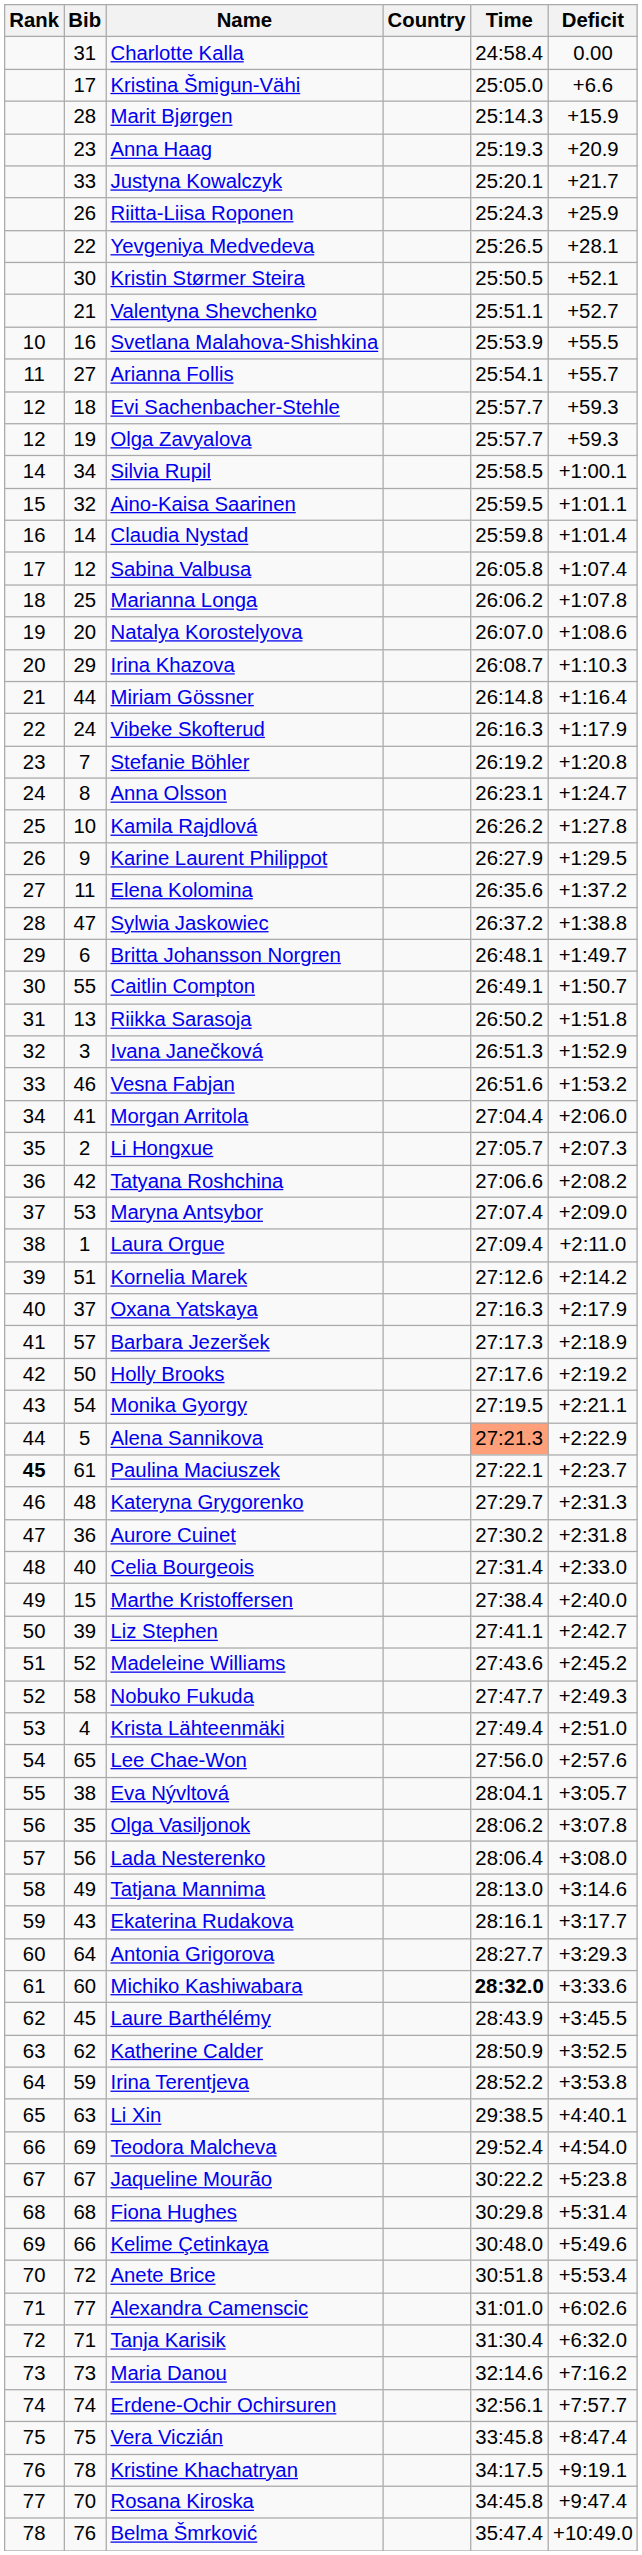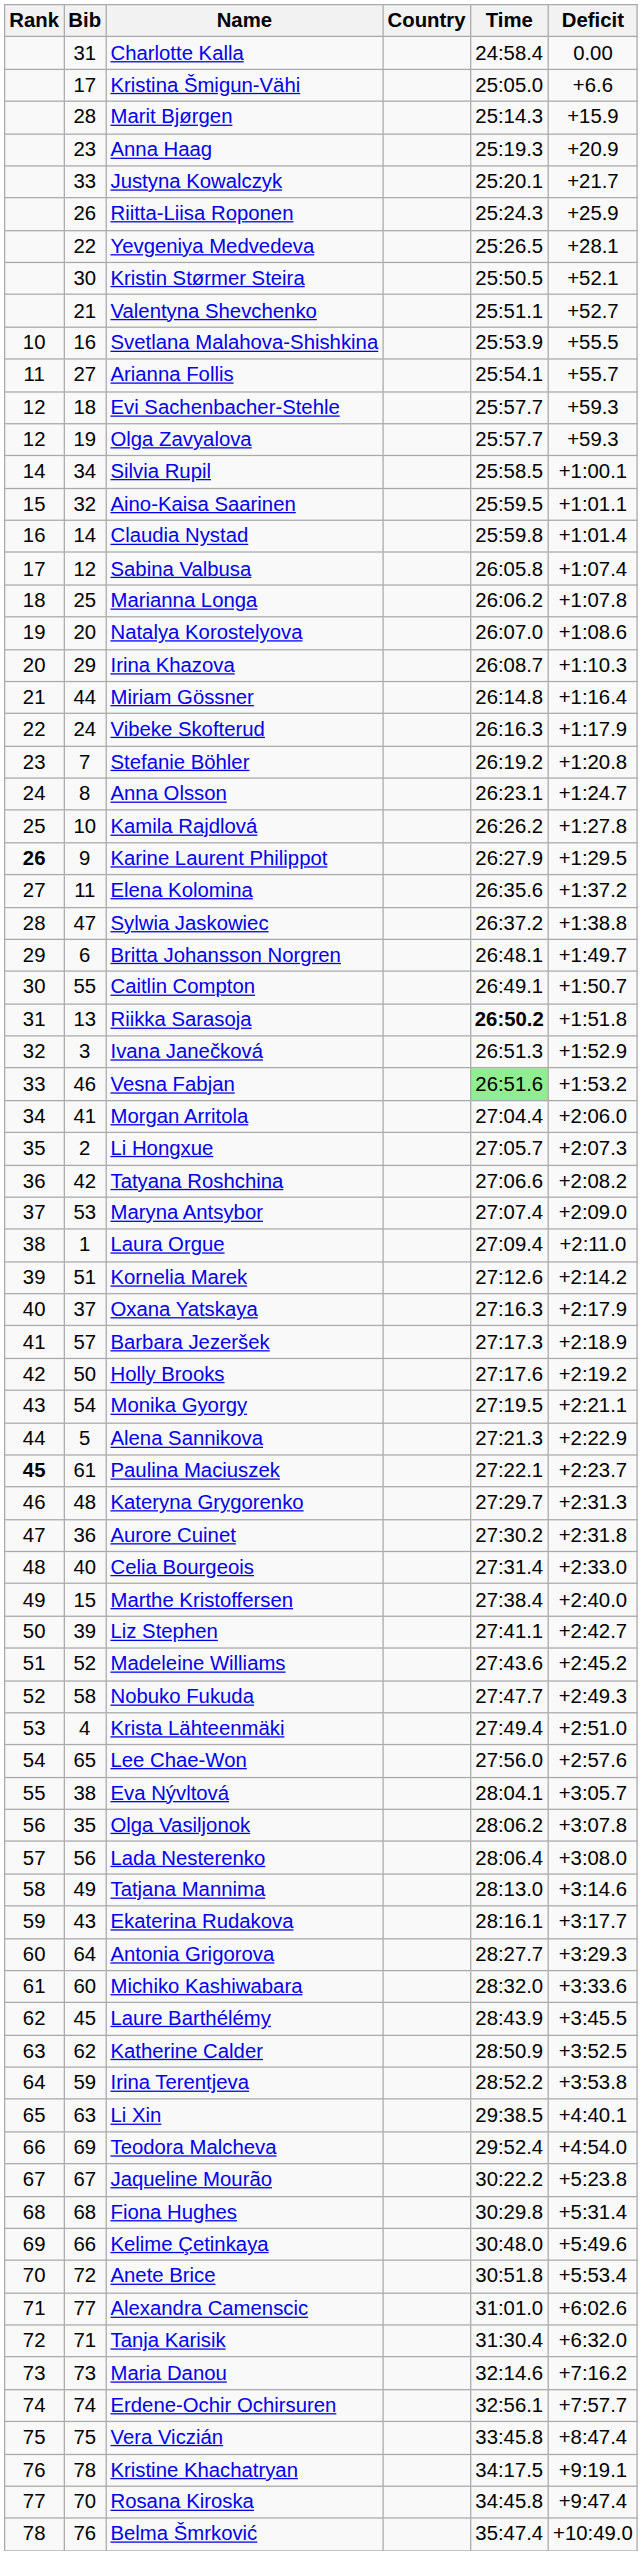 <table class="wikitable sortable" style="text-align:center">
 <tr>
 <th>Rank</th>
 <th>Bib</th>
 <th>Name</th>
 <th>Country</th>
 <th>Time</th>
 <th>Deficit</th>
 </tr>
 <tr>
 <td></td>
 <td>31</td>
 <td align="left"><a href='#'>Charlotte Kalla</a></td>
 <td align="left"></td>
 <td>24:58.4</td>
 <td>0.00</td>
 </tr>
 <tr>
 <td></td>
 <td>17</td>
 <td align="left"><a href='#'>Kristina Šmigun-Vähi</a></td>
 <td align="left"></td>
 <td>25:05.0</td>
 <td>+6.6</td>
 </tr>
 <tr>
 <td></td>
 <td>28</td>
 <td align="left"><a href='#'>Marit Bjørgen</a></td>
 <td align="left"></td>
 <td>25:14.3</td>
 <td>+15.9</td>
 </tr>
 <tr>
 <td></td>
 <td>23</td>
 <td align="left"><a href='#'>Anna Haag</a></td>
 <td align="left"></td>
 <td>25:19.3</td>
 <td>+20.9</td>
 </tr>
 <tr>
 <td></td>
 <td>33</td>
 <td align="left"><a href='#'>Justyna Kowalczyk</a></td>
 <td align="left"></td>
 <td>25:20.1</td>
 <td>+21.7</td>
 </tr>
 <tr>
 <td></td>
 <td>26</td>
 <td align="left"><a href='#'>Riitta-Liisa Roponen</a></td>
 <td align="left"></td>
 <td>25:24.3</td>
 <td>+25.9</td>
 </tr>
 <tr>
 <td></td>
 <td>22</td>
 <td align="left"><a href='#'>Yevgeniya Medvedeva</a></td>
 <td align="left"></td>
 <td>25:26.5</td>
 <td>+28.1</td>
 </tr>
 <tr>
 <td></td>
 <td>30</td>
 <td align="left"><a href='#'>Kristin Størmer Steira</a></td>
 <td align="left"></td>
 <td>25:50.5</td>
 <td>+52.1</td>
 </tr>
 <tr>
 <td></td>
 <td>21</td>
 <td align="left"><a href='#'>Valentyna Shevchenko</a></td>
 <td align="left"></td>
 <td>25:51.1</td>
 <td>+52.7</td>
 </tr>
 <tr>
 <td>10</td>
 <td>16</td>
 <td align="left"><a href='#'>Svetlana Malahova-Shishkina</a></td>
 <td align="left"></td>
 <td>25:53.9</td>
 <td>+55.5</td>
 </tr>
 <tr>
 <td>11</td>
 <td>27</td>
 <td align="left"><a href='#'>Arianna Follis</a></td>
 <td align="left"></td>
 <td>25:54.1</td>
 <td>+55.7</td>
 </tr>
 <tr>
 <td>12</td>
 <td>18</td>
 <td align="left"><a href='#'>Evi Sachenbacher-Stehle</a></td>
 <td align="left"></td>
 <td>25:57.7</td>
 <td>+59.3</td>
 </tr>
 <tr>
 <td>12</td>
 <td>19</td>
 <td align="left"><a href='#'>Olga Zavyalova</a></td>
 <td align="left"></td>
 <td>25:57.7</td>
 <td>+59.3</td>
 </tr>
 <tr>
 <td>14</td>
 <td>34</td>
 <td align="left"><a href='#'>Silvia Rupil</a></td>
 <td align="left"></td>
 <td>25:58.5</td>
 <td>+1:00.1</td>
 </tr>
 <tr>
 <td>15</td>
 <td>32</td>
 <td align="left"><a href='#'>Aino-Kaisa Saarinen</a></td>
 <td align="left"></td>
 <td>25:59.5</td>
 <td>+1:01.1</td>
 </tr>
 <tr>
 <td>16</td>
 <td>14</td>
 <td align="left"><a href='#'>Claudia Nystad</a></td>
 <td align="left"></td>
 <td>25:59.8</td>
 <td>+1:01.4</td>
 </tr>
 <tr>
 <td>17</td>
 <td>12</td>
 <td align="left"><a href='#'>Sabina Valbusa</a></td>
 <td align="left"></td>
 <td>26:05.8</td>
 <td>+1:07.4</td>
 </tr>
 <tr>
 <td>18</td>
 <td>25</td>
 <td align="left"><a href='#'>Marianna Longa</a></td>
 <td align="left"></td>
 <td>26:06.2</td>
 <td>+1:07.8</td>
 </tr>
 <tr>
 <td>19</td>
 <td>20</td>
 <td align="left"><a href='#'>Natalya Korostelyova</a></td>
 <td align="left"></td>
 <td>26:07.0</td>
 <td>+1:08.6</td>
 </tr>
 <tr>
 <td>20</td>
 <td>29</td>
 <td align="left"><a href='#'>Irina Khazova</a></td>
 <td align="left"></td>
 <td>26:08.7</td>
 <td>+1:10.3</td>
 </tr>
 <tr>
 <td>21</td>
 <td>44</td>
 <td align="left"><a href='#'>Miriam Gössner</a></td>
 <td align="left"></td>
 <td>26:14.8</td>
 <td>+1:16.4</td>
 </tr>
 <tr>
 <td>22</td>
 <td>24</td>
 <td align="left"><a href='#'>Vibeke Skofterud</a></td>
 <td align="left"></td>
 <td>26:16.3</td>
 <td>+1:17.9</td>
 </tr>
 <tr>
 <td>23</td>
 <td>7</td>
 <td align="left"><a href='#'>Stefanie Böhler</a></td>
 <td align="left"></td>
 <td>26:19.2</td>
 <td>+1:20.8</td>
 </tr>
 <tr>
 <td>24</td>
 <td>8</td>
 <td align="left"><a href='#'>Anna Olsson</a></td>
 <td align="left"></td>
 <td>26:23.1</td>
 <td>+1:24.7</td>
 </tr>
 <tr>
 <td>25</td>
 <td>10</td>
 <td align="left"><a href='#'>Kamila Rajdlová</a></td>
 <td align="left"></td>
 <td>26:26.2</td>
 <td>+1:27.8</td>
 </tr>
 <tr>
-<td>26</td>
+<td><strong>26</strong></td>
 <td>9</td>
 <td align="left"><a href='#'>Karine Laurent Philippot</a></td>
 <td align="left"></td>
 <td>26:27.9</td>
 <td>+1:29.5</td>
 </tr>
 <tr>
 <td>27</td>
 <td>11</td>
 <td align="left"><a href='#'>Elena Kolomina</a></td>
 <td align="left"></td>
 <td>26:35.6</td>
 <td>+1:37.2</td>
 </tr>
 <tr>
 <td>28</td>
 <td>47</td>
 <td align="left"><a href='#'>Sylwia Jaskowiec</a></td>
 <td align="left"></td>
 <td>26:37.2</td>
 <td>+1:38.8</td>
 </tr>
 <tr>
 <td>29</td>
 <td>6</td>
 <td align="left"><a href='#'>Britta Johansson Norgren</a></td>
 <td align="left"></td>
 <td>26:48.1</td>
 <td>+1:49.7</td>
 </tr>
 <tr>
 <td>30</td>
 <td>55</td>
 <td align="left"><a href='#'>Caitlin Compton</a></td>
 <td align="left"></td>
 <td>26:49.1</td>
 <td>+1:50.7</td>
 </tr>
 <tr>
 <td>31</td>
 <td>13</td>
 <td align="left"><a href='#'>Riikka Sarasoja</a></td>
 <td align="left"></td>
-<td>26:50.2</td>
+<td><strong>26:50.2</strong></td>
 <td>+1:51.8</td>
 </tr>
 <tr>
 <td>32</td>
 <td>3</td>
 <td align="left"><a href='#'>Ivana Janečková</a></td>
 <td align="left"></td>
 <td>26:51.3</td>
 <td>+1:52.9</td>
 </tr>
 <tr>
 <td>33</td>
 <td>46</td>
 <td align="left"><a href='#'>Vesna Fabjan</a></td>
 <td align="left"></td>
-<td>26:51.6</td>
+<td style="background: lightgreen;">26:51.6</td>
 <td>+1:53.2</td>
 </tr>
 <tr>
 <td>34</td>
 <td>41</td>
 <td align="left"><a href='#'>Morgan Arritola</a></td>
 <td align="left"></td>
 <td>27:04.4</td>
 <td>+2:06.0</td>
 </tr>
 <tr>
 <td>35</td>
 <td>2</td>
 <td align="left"><a href='#'>Li Hongxue</a></td>
 <td align="left"></td>
 <td>27:05.7</td>
 <td>+2:07.3</td>
 </tr>
 <tr>
 <td>36</td>
 <td>42</td>
 <td align="left"><a href='#'>Tatyana Roshchina</a></td>
 <td align="left"></td>
 <td>27:06.6</td>
 <td>+2:08.2</td>
 </tr>
 <tr>
 <td>37</td>
 <td>53</td>
 <td align="left"><a href='#'>Maryna Antsybor</a></td>
 <td align="left"></td>
 <td>27:07.4</td>
 <td>+2:09.0</td>
 </tr>
 <tr>
 <td>38</td>
 <td>1</td>
 <td align="left"><a href='#'>Laura Orgue</a></td>
 <td align="left"></td>
 <td>27:09.4</td>
 <td>+2:11.0</td>
 </tr>
 <tr>
 <td>39</td>
 <td>51</td>
 <td align="left"><a href='#'>Kornelia Marek</a></td>
 <td align="left"></td>
 <td>27:12.6</td>
 <td>+2:14.2</td>
 </tr>
 <tr>
 <td>40</td>
 <td>37</td>
 <td align="left"><a href='#'>Oxana Yatskaya</a></td>
 <td align="left"></td>
 <td>27:16.3</td>
 <td>+2:17.9</td>
 </tr>
 <tr>
 <td>41</td>
 <td>57</td>
 <td align="left"><a href='#'>Barbara Jezeršek</a></td>
 <td align="left"></td>
 <td>27:17.3</td>
 <td>+2:18.9</td>
 </tr>
 <tr>
 <td>42</td>
 <td>50</td>
 <td align="left"><a href='#'>Holly Brooks</a></td>
 <td align="left"></td>
 <td>27:17.6</td>
 <td>+2:19.2</td>
 </tr>
 <tr>
 <td>43</td>
 <td>54</td>
 <td align="left"><a href='#'>Monika Gyorgy</a></td>
 <td align="left"></td>
 <td>27:19.5</td>
 <td>+2:21.1</td>
 </tr>
 <tr>
 <td>44</td>
 <td>5</td>
 <td align="left"><a href='#'>Alena Sannikova</a></td>
 <td align="left"></td>
-<td style="background: lightsalmon;">27:21.3</td>
+<td>27:21.3</td>
 <td>+2:22.9</td>
 </tr>
 <tr>
 <td><strong>45</strong></td>
 <td>61</td>
 <td align="left"><a href='#'>Paulina Maciuszek</a></td>
 <td align="left"></td>
 <td>27:22.1</td>
 <td>+2:23.7</td>
 </tr>
 <tr>
 <td>46</td>
 <td>48</td>
 <td align="left"><a href='#'>Kateryna Grygorenko</a></td>
 <td align="left"></td>
 <td>27:29.7</td>
 <td>+2:31.3</td>
 </tr>
 <tr>
 <td>47</td>
 <td>36</td>
 <td align="left"><a href='#'>Aurore Cuinet</a></td>
 <td align="left"></td>
 <td>27:30.2</td>
 <td>+2:31.8</td>
 </tr>
 <tr>
 <td>48</td>
 <td>40</td>
 <td align="left"><a href='#'>Celia Bourgeois</a></td>
 <td align="left"></td>
 <td>27:31.4</td>
 <td>+2:33.0</td>
 </tr>
 <tr>
 <td>49</td>
 <td>15</td>
 <td align="left"><a href='#'>Marthe Kristoffersen</a></td>
 <td align="left"></td>
 <td>27:38.4</td>
 <td>+2:40.0</td>
 </tr>
 <tr>
 <td>50</td>
 <td>39</td>
 <td align="left"><a href='#'>Liz Stephen</a></td>
 <td align="left"></td>
 <td>27:41.1</td>
 <td>+2:42.7</td>
 </tr>
 <tr>
 <td>51</td>
 <td>52</td>
 <td align="left"><a href='#'>Madeleine Williams</a></td>
 <td align="left"></td>
 <td>27:43.6</td>
 <td>+2:45.2</td>
 </tr>
 <tr>
 <td>52</td>
 <td>58</td>
 <td align="left"><a href='#'>Nobuko Fukuda</a></td>
 <td align="left"></td>
 <td>27:47.7</td>
 <td>+2:49.3</td>
 </tr>
 <tr>
 <td>53</td>
 <td>4</td>
 <td align="left"><a href='#'>Krista Lähteenmäki</a></td>
 <td align="left"></td>
 <td>27:49.4</td>
 <td>+2:51.0</td>
 </tr>
 <tr>
 <td>54</td>
 <td>65</td>
 <td align="left"><a href='#'>Lee Chae-Won</a></td>
 <td align="left"></td>
 <td>27:56.0</td>
 <td>+2:57.6</td>
 </tr>
 <tr>
 <td>55</td>
 <td>38</td>
 <td align="left"><a href='#'>Eva Nývltová</a></td>
 <td align="left"></td>
 <td>28:04.1</td>
 <td>+3:05.7</td>
 </tr>
 <tr>
 <td>56</td>
 <td>35</td>
 <td align="left"><a href='#'>Olga Vasiljonok</a></td>
 <td align="left"></td>
 <td>28:06.2</td>
 <td>+3:07.8</td>
 </tr>
 <tr>
 <td>57</td>
 <td>56</td>
 <td align="left"><a href='#'>Lada Nesterenko</a></td>
 <td align="left"></td>
 <td>28:06.4</td>
 <td>+3:08.0</td>
 </tr>
 <tr>
 <td>58</td>
 <td>49</td>
 <td align="left"><a href='#'>Tatjana Mannima</a></td>
 <td align="left"></td>
 <td>28:13.0</td>
 <td>+3:14.6</td>
 </tr>
 <tr>
 <td>59</td>
 <td>43</td>
 <td align="left"><a href='#'>Ekaterina Rudakova</a></td>
 <td align="left"></td>
 <td>28:16.1</td>
 <td>+3:17.7</td>
 </tr>
 <tr>
 <td>60</td>
 <td>64</td>
 <td align="left"><a href='#'>Antonia Grigorova</a></td>
 <td align="left"></td>
 <td>28:27.7</td>
 <td>+3:29.3</td>
 </tr>
 <tr>
 <td>61</td>
 <td>60</td>
 <td align="left"><a href='#'>Michiko Kashiwabara</a></td>
 <td align="left"></td>
-<td><strong>28:32.0</strong></td>
+<td>28:32.0</td>
 <td>+3:33.6</td>
 </tr>
 <tr>
 <td>62</td>
 <td>45</td>
 <td align="left"><a href='#'>Laure Barthélémy</a></td>
 <td align="left"></td>
 <td>28:43.9</td>
 <td>+3:45.5</td>
 </tr>
 <tr>
 <td>63</td>
 <td>62</td>
 <td align="left"><a href='#'>Katherine Calder</a></td>
 <td align="left"></td>
 <td>28:50.9</td>
 <td>+3:52.5</td>
 </tr>
 <tr>
 <td>64</td>
 <td>59</td>
 <td align="left"><a href='#'>Irina Terentjeva</a></td>
 <td align="left"></td>
 <td>28:52.2</td>
 <td>+3:53.8</td>
 </tr>
 <tr>
 <td>65</td>
 <td>63</td>
 <td align="left"><a href='#'>Li Xin</a></td>
 <td align="left"></td>
 <td>29:38.5</td>
 <td>+4:40.1</td>
 </tr>
 <tr>
 <td>66</td>
 <td>69</td>
 <td align="left"><a href='#'>Teodora Malcheva</a></td>
 <td align="left"></td>
 <td>29:52.4</td>
 <td>+4:54.0</td>
 </tr>
 <tr>
 <td>67</td>
 <td>67</td>
 <td align="left"><a href='#'>Jaqueline Mourão</a></td>
 <td align="left"></td>
 <td>30:22.2</td>
 <td>+5:23.8</td>
 </tr>
 <tr>
 <td>68</td>
 <td>68</td>
 <td align="left"><a href='#'>Fiona Hughes</a></td>
 <td align="left"></td>
 <td>30:29.8</td>
 <td>+5:31.4</td>
 </tr>
 <tr>
 <td>69</td>
 <td>66</td>
 <td align="left"><a href='#'>Kelime Çetinkaya</a></td>
 <td align="left"></td>
 <td>30:48.0</td>
 <td>+5:49.6</td>
 </tr>
 <tr>
 <td>70</td>
 <td>72</td>
 <td align="left"><a href='#'>Anete Brice</a></td>
 <td align="left"></td>
 <td>30:51.8</td>
 <td>+5:53.4</td>
 </tr>
 <tr>
 <td>71</td>
 <td>77</td>
 <td align="left"><a href='#'>Alexandra Camenscic</a></td>
 <td align="left"></td>
 <td>31:01.0</td>
 <td>+6:02.6</td>
 </tr>
 <tr>
 <td>72</td>
 <td>71</td>
 <td align="left"><a href='#'>Tanja Karisik</a></td>
 <td align="left"></td>
 <td>31:30.4</td>
 <td>+6:32.0</td>
 </tr>
 <tr>
 <td>73</td>
 <td>73</td>
 <td align="left"><a href='#'>Maria Danou</a></td>
 <td align="left"></td>
 <td>32:14.6</td>
 <td>+7:16.2</td>
 </tr>
 <tr>
 <td>74</td>
 <td>74</td>
 <td align="left"><a href='#'>Erdene-Ochir Ochirsuren</a></td>
 <td align="left"></td>
 <td>32:56.1</td>
 <td>+7:57.7</td>
 </tr>
 <tr>
 <td>75</td>
 <td>75</td>
 <td align="left"><a href='#'>Vera Viczián</a></td>
 <td align="left"></td>
 <td>33:45.8</td>
 <td>+8:47.4</td>
 </tr>
 <tr>
 <td>76</td>
 <td>78</td>
 <td align="left"><a href='#'>Kristine Khachatryan</a></td>
 <td align="left"></td>
 <td>34:17.5</td>
 <td>+9:19.1</td>
 </tr>
 <tr>
 <td>77</td>
 <td>70</td>
 <td align="left"><a href='#'>Rosana Kiroska</a></td>
 <td align="left"></td>
 <td>34:45.8</td>
 <td>+9:47.4</td>
 </tr>
 <tr>
 <td>78</td>
 <td>76</td>
 <td align="left"><a href='#'>Belma Šmrković</a></td>
 <td align="left"></td>
 <td>35:47.4</td>
 <td>+10:49.0</td>
 </tr>
 </table>
